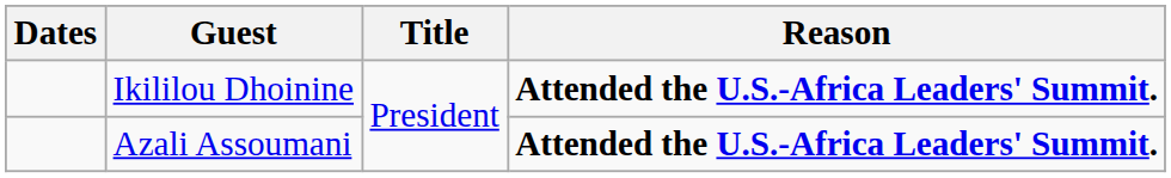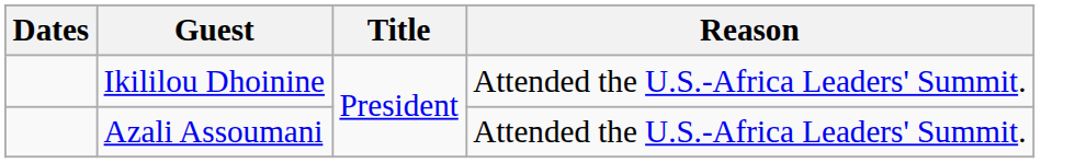 <table class="wikitable sortable">
 <tr>
 <th>Dates</th>
 <th>Guest</th>
 <th>Title</th>
 <th>Reason</th>
 </tr>
 <tr>
 <td></td>
 <td><a href='#'>Ikililou Dhoinine</a></td>
 <td rowspan=2><a href='#'>President</a></td>
-<td><strong>Attended the <a href='#'>U.S.-Africa Leaders' Summit</a>.</strong></td>
+<td>Attended the <a href='#'>U.S.-Africa Leaders' Summit</a>.</td>
 </tr>
 <tr>
 <td></td>
 <td><a href='#'>Azali Assoumani</a></td>
-<td><strong>Attended the <a href='#'>U.S.-Africa Leaders' Summit</a>.</strong></td>
+<td>Attended the <a href='#'>U.S.-Africa Leaders' Summit</a>.</td>
 </tr>
 </table>
